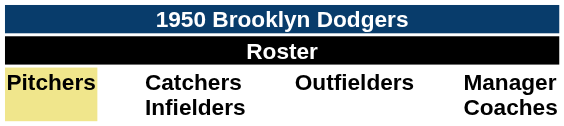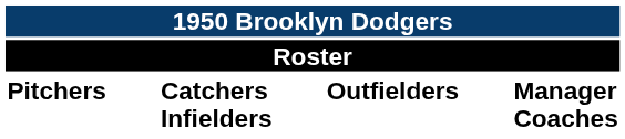 <table class="toccolours" style="font-size: 95%;">
 <tr>
 <th colspan="10" style="background-color: #083c6b; color: white; text-align: center;">1950 Brooklyn Dodgers</th>
 </tr>
 <tr>
 <td colspan="10" style="background-color: black; color: white; text-align: center;"><strong>Roster</strong></td>
 </tr>
 <tr>
-<td valign="top" style="background: khaki;"><strong>Pitchers</strong><br>                   </td>
+<td valign="top"><strong>Pitchers</strong><br>                   </td>
 <td width="25px"></td>
 <td valign="top"><strong>Catchers</strong><br>   <strong>Infielders</strong>        </td>
 <td width="25px"></td>
 <td valign="top"><strong>Outfielders</strong><br>      </td>
 <td width="25px"></td>
 <td valign="top"><strong>Manager</strong><br> <strong>Coaches</strong>    </td>
 </tr>
 </table>
